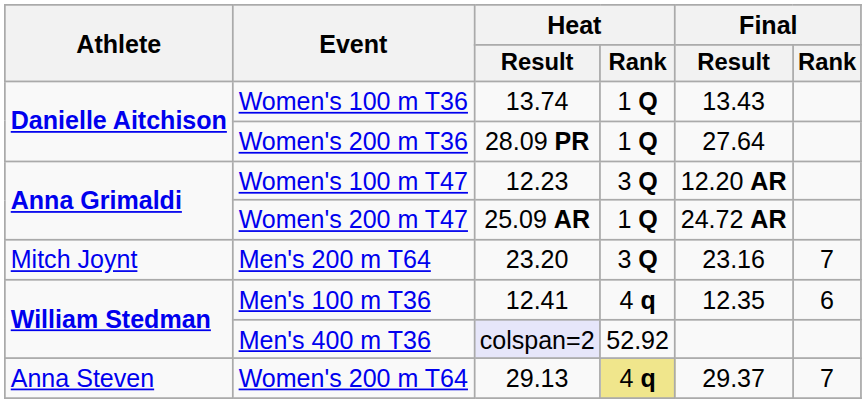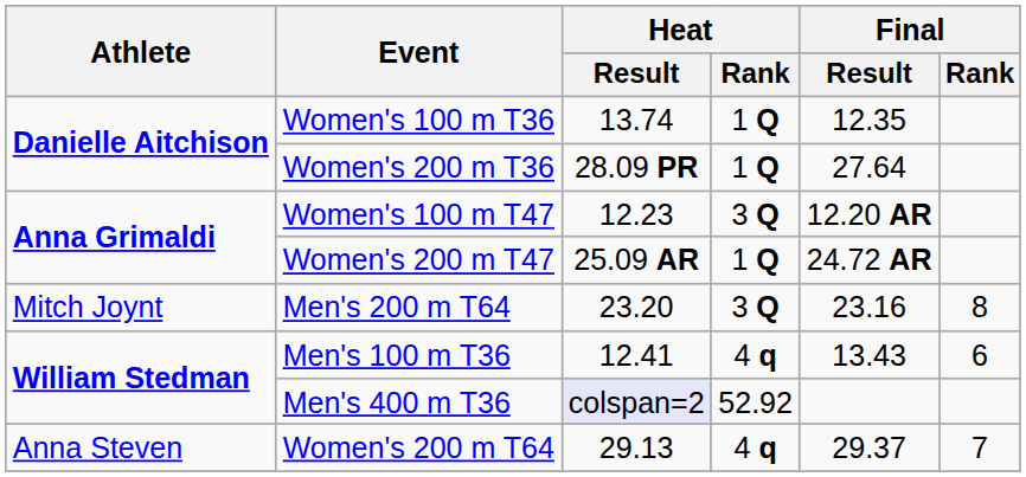 <table class="wikitable" style="font-size:90%">
 <tr>
 <th rowspan="2">Athlete</th>
 <th rowspan="2">Event</th>
 <th colspan="2">Heat</th>
 <th colspan="2">Final</th>
 </tr>
 <tr style="font-size:95%">
 <th>Result</th>
 <th>Rank</th>
 <th>Result</th>
 <th>Rank</th>
 </tr>
 <tr align=center>
 <td rowspan=2 align=left><strong><a href='#'>Danielle Aitchison</a></strong></td>
 <td><a href='#'>Women's 100 m T36</a></td>
 <td>13.74</td>
 <td>1 <strong>Q</strong></td>
-<td>13.43</td>
+<td>12.35</td>
 <td></td>
 </tr>
 <tr align=center>
 <td align=left><a href='#'>Women's 200 m T36</a></td>
 <td>28.09 <strong>PR</strong></td>
 <td>1 <strong>Q</strong></td>
 <td>27.64</td>
 <td></td>
 </tr>
 <tr align=center>
 <td rowspan=2 align=left><strong><a href='#'>Anna Grimaldi</a></strong></td>
 <td align=left><a href='#'>Women's 100 m T47</a></td>
 <td>12.23</td>
 <td>3 <strong>Q</strong></td>
 <td>12.20 <strong>AR</strong></td>
 <td></td>
 </tr>
 <tr align=center>
 <td align=left><a href='#'>Women's 200 m T47</a></td>
 <td>25.09 <strong>AR</strong></td>
 <td>1 <strong>Q</strong></td>
 <td>24.72 <strong>AR</strong></td>
 <td></td>
 </tr>
 <tr align=center>
 <td align=left><a href='#'>Mitch Joynt</a></td>
 <td align=left><a href='#'>Men's 200 m T64</a></td>
 <td>23.20</td>
 <td>3 <strong>Q</strong></td>
 <td>23.16</td>
-<td>7</td>
+<td>8</td>
 </tr>
 <tr align=center>
 <td rowspan= 2 align=left><strong><a href='#'>William Stedman</a></strong></td>
 <td align=left><a href='#'>Men's 100 m T36</a></td>
 <td>12.41</td>
 <td>4 <strong>q</strong></td>
-<td>12.35</td>
+<td>13.43</td>
 <td>6</td>
 </tr>
 <tr align=center>
 <td align=left><a href='#'>Men's 400 m T36</a></td>
 <td style="background: lavender;">colspan=2 </td>
 <td>52.92</td>
 <td></td>
 </tr>
 <tr align=center>
 <td align=left><a href='#'>Anna Steven</a></td>
 <td align=left><a href='#'>Women's 200 m T64</a></td>
 <td>29.13</td>
-<td style="background: khaki;">4 <strong>q</strong></td>
+<td>4 <strong>q</strong></td>
 <td>29.37</td>
 <td>7</td>
 </tr>
 </table>
